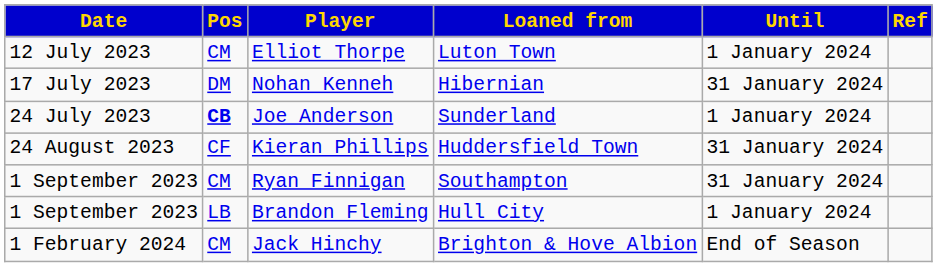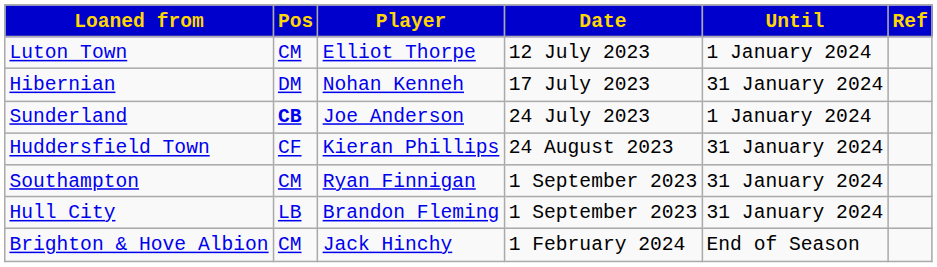 <table class="wikitable plainrowheaders sortable">
 <tr>
-<th style="background:mediumblue;color:gold;">Date</th>
+<th style="background:mediumblue;color:gold;">Loaned from</th>
 <th style="background:mediumblue;color:gold;">Pos</th>
 <th style="background:mediumblue;color:gold;">Player</th>
-<th style="background:mediumblue;color:gold;">Loaned from</th>
+<th style="background:mediumblue;color:gold;">Date</th>
 <th style="background:mediumblue;color:gold;">Until</th>
 <th style="background:mediumblue;color:gold;">Ref</th>
 </tr>
 <tr>
-<td>12 July 2023</td>
+<td> <a href='#'>Luton Town</a></td>
 <td><a href='#'>CM</a></td>
 <td> <a href='#'>Elliot Thorpe</a></td>
-<td> <a href='#'>Luton Town</a></td>
+<td>12 July 2023</td>
 <td>1 January 2024</td>
 <td></td>
 </tr>
 <tr>
-<td>17 July 2023</td>
+<td> <a href='#'>Hibernian</a></td>
 <td><a href='#'>DM</a></td>
 <td> <a href='#'>Nohan Kenneh</a></td>
-<td> <a href='#'>Hibernian</a></td>
+<td>17 July 2023</td>
 <td>31 January 2024</td>
 <td></td>
 </tr>
 <tr>
-<td>24 July 2023</td>
+<td> <a href='#'>Sunderland</a></td>
 <td><strong><a href='#'>CB</a></strong></td>
 <td> <a href='#'>Joe Anderson</a></td>
-<td> <a href='#'>Sunderland</a></td>
+<td>24 July 2023</td>
 <td>1 January 2024</td>
 <td></td>
 </tr>
 <tr>
-<td>24 August 2023</td>
+<td> <a href='#'>Huddersfield Town</a></td>
 <td><a href='#'>CF</a></td>
 <td> <a href='#'>Kieran Phillips</a></td>
-<td> <a href='#'>Huddersfield Town</a></td>
+<td>24 August 2023</td>
 <td>31 January 2024</td>
 <td></td>
 </tr>
 <tr>
-<td>1 September 2023</td>
+<td> <a href='#'>Southampton</a></td>
 <td><a href='#'>CM</a></td>
 <td> <a href='#'>Ryan Finnigan</a></td>
-<td> <a href='#'>Southampton</a></td>
+<td>1 September 2023</td>
 <td>31 January 2024</td>
 <td></td>
 </tr>
 <tr>
-<td>1 September 2023</td>
+<td> <a href='#'>Hull City</a></td>
 <td><a href='#'>LB</a></td>
 <td> <a href='#'>Brandon Fleming</a></td>
-<td> <a href='#'>Hull City</a></td>
-<td>1 January 2024</td>
+<td>1 September 2023</td>
+<td>31 January 2024</td>
 <td></td>
 </tr>
 <tr>
-<td>1 February 2024</td>
+<td> <a href='#'>Brighton & Hove Albion</a></td>
 <td><a href='#'>CM</a></td>
 <td> <a href='#'>Jack Hinchy</a></td>
-<td> <a href='#'>Brighton & Hove Albion</a></td>
+<td>1 February 2024</td>
 <td>End of Season</td>
 <td></td>
 </tr>
 </table>
